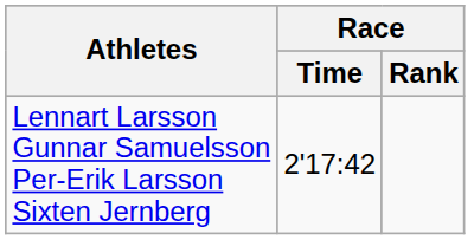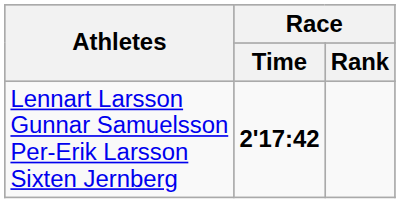 <table class="wikitable" border="1" style="font-size:90%">
 <tr>
 <th rowspan=2>Athletes</th>
 <th colspan=2>Race</th>
 </tr>
 <tr>
 <th>Time</th>
 <th>Rank</th>
 </tr>
 <tr>
 <td><a href='#'>Lennart Larsson</a><br><a href='#'>Gunnar Samuelsson</a><br><a href='#'>Per-Erik Larsson</a><br><a href='#'>Sixten Jernberg</a></td>
-<td align=center>2'17:42</td>
+<td align=center><strong>2'17:42</strong></td>
 <td align=center></td>
 </tr>
 </table>
